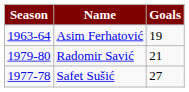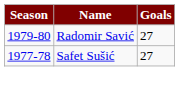 <table class="wikitable">
 <tr>
 <th style="color:#FFFFFF;background:#800000;">Season</th>
 <th style="color:#FFFFFF;background:#800000;">Name</th>
 <th style="color:#FFFFFF;background:#800000;">Goals</th>
 </tr>
 <tr>
-<td><a href='#'>1963-64</a></td>
-<td> <a href='#'>Asim Ferhatović</a></td>
-<td>19</td>
-</tr>
-<tr>
 <td><a href='#'>1979-80</a></td>
 <td> <a href='#'>Radomir Savić</a></td>
-<td>21</td>
+<td>27</td>
 </tr>
 <tr>
 <td><a href='#'>1977-78</a></td>
 <td> <a href='#'>Safet Sušić</a></td>
 <td>27</td>
 </tr>
 </table>
